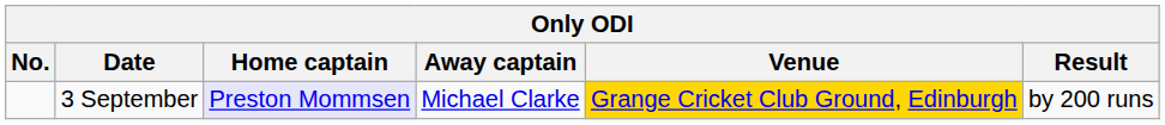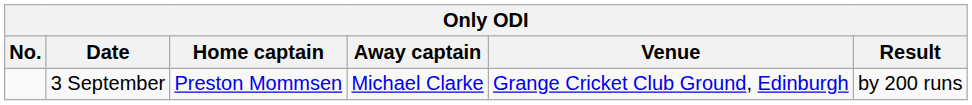 <table class="wikitable">
 <tr>
 <th colspan="9">Only ODI</th>
 </tr>
 <tr>
 <th>No.</th>
 <th>Date</th>
 <th>Home captain</th>
 <th>Away captain</th>
 <th>Venue</th>
 <th>Result</th>
 </tr>
 <tr>
 <td></td>
 <td>3 September</td>
-<td style="background: lavender;"><a href='#'>Preston Mommsen</a></td>
+<td><a href='#'>Preston Mommsen</a></td>
 <td><a href='#'>Michael Clarke</a></td>
-<td style="background: gold;"><a href='#'>Grange Cricket Club Ground</a>, <a href='#'>Edinburgh</a></td>
+<td><a href='#'>Grange Cricket Club Ground</a>, <a href='#'>Edinburgh</a></td>
 <td> by 200 runs</td>
 </tr>
 </table>
